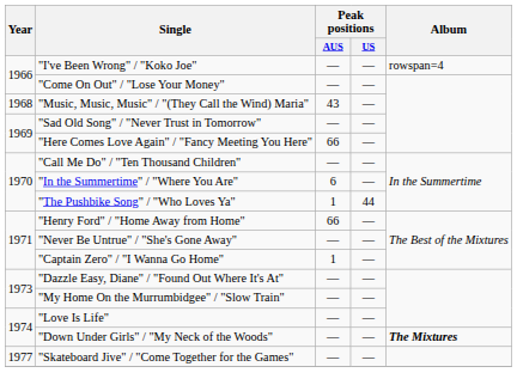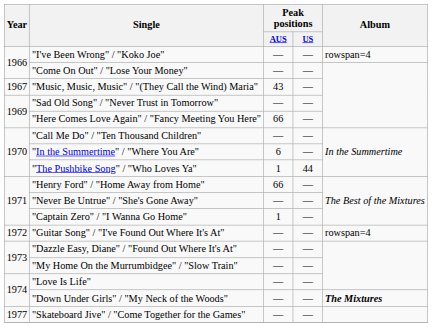 <table class="wikitable">
 <tr>
 <th rowspan="2">Year</th>
 <th rowspan="2">Single</th>
 <th colspan="2">Peak positions</th>
 <th rowspan="2">Album</th>
 </tr>
 <tr style="font-size:smaller;">
 <th width="40"><a href='#'>AUS</a></th>
 <th width="40"><a href='#'>US</a></th>
 </tr>
 <tr>
 <td rowspan=2>1966</td>
 <td>"I've Been Wrong" / "Koko Joe"</td>
 <td align="center">—</td>
 <td align="center">—</td>
 <td>rowspan=4 </td>
 </tr>
 <tr>
 <td>"Come On Out" / "Lose Your Money"</td>
 <td align="center">—</td>
 <td align="center">—</td>
 </tr>
 <tr>
-<td>1968</td>
+<td>1967</td>
 <td>"Music, Music, Music" / "(They Call the Wind) Maria"</td>
 <td align="center">43</td>
 <td align="center">—</td>
 </tr>
 <tr>
 <td rowspan=2>1969</td>
 <td>"Sad Old Song" / "Never Trust in Tomorrow"</td>
 <td align="center">—</td>
 <td align="center">—</td>
 </tr>
 <tr>
 <td>"Here Comes Love Again" / "Fancy Meeting You Here"</td>
 <td align="center">66</td>
 <td align="center">—</td>
 </tr>
 <tr>
 <td rowspan=3>1970</td>
 <td>"Call Me Do" / "Ten Thousand Children"</td>
 <td align="center">—</td>
 <td align="center">—</td>
 <td rowspan=3><em>In the Summertime</em></td>
 </tr>
 <tr>
 <td>"<a href='#'>In the Summertime</a>" / "Where You Are"</td>
 <td align="center">6</td>
 <td align="center">—</td>
 </tr>
 <tr>
 <td>"<a href='#'>The Pushbike Song</a>" / "Who Loves Ya"</td>
 <td align="center">1</td>
 <td align="center">44</td>
 </tr>
 <tr>
 <td rowspan=3>1971</td>
 <td>"Henry Ford" / "Home Away from Home"</td>
 <td align="center">66</td>
 <td align="center">—</td>
 <td rowspan=3><em>The Best of the Mixtures</em></td>
 </tr>
 <tr>
 <td>"Never Be Untrue" / "She's Gone Away"</td>
 <td align="center">—</td>
 <td align="center">—</td>
 </tr>
 <tr>
 <td>"Captain Zero" / "I Wanna Go Home"</td>
 <td align="center">1</td>
 <td align="center">—</td>
 </tr>
 <tr>
+<td>1972</td>
+<td>"Guitar Song" / "I've Found Out Where It's At"</td>
+<td align="center">—</td>
+<td align="center">—</td>
+<td>rowspan=4 </td>
+</tr>
+<tr>
 <td rowspan=2>1973</td>
 <td>"Dazzle Easy, Diane" / "Found Out Where It's At"</td>
 <td align="center">—</td>
 <td align="center">—</td>
 </tr>
 <tr>
 <td>"My Home On the Murrumbidgee" / "Slow Train"</td>
 <td align="center">—</td>
 <td align="center">—</td>
 </tr>
 <tr>
 <td rowspan=2>1974</td>
 <td>"Love Is Life"</td>
 <td align="center">—</td>
 <td align="center">—</td>
 </tr>
 <tr>
 <td>"Down Under Girls" / "My Neck of the Woods"</td>
 <td align="center">—</td>
 <td align="center">—</td>
 <td><strong><em>The Mixtures</em></strong></td>
 </tr>
 <tr>
 <td>1977</td>
 <td>"Skateboard Jive" / "Come Together for the Games"</td>
 <td align="center">—</td>
 <td align="center">—</td>
 <td></td>
 </tr>
 <tr>
 </tr>
 </table>
